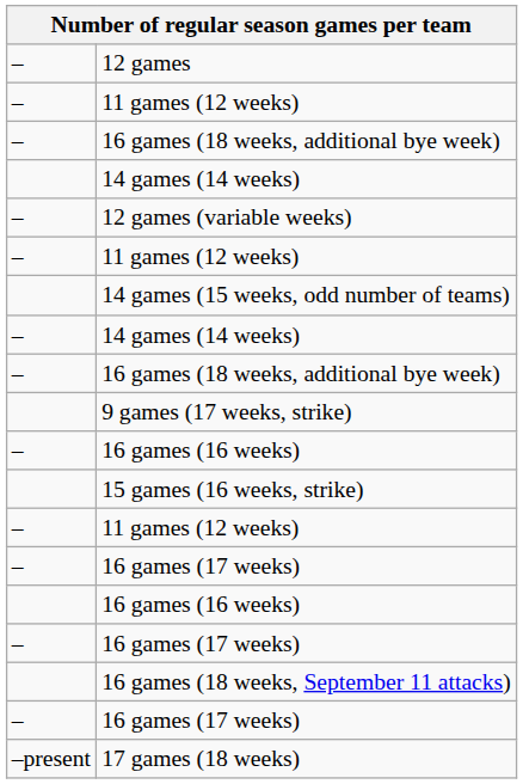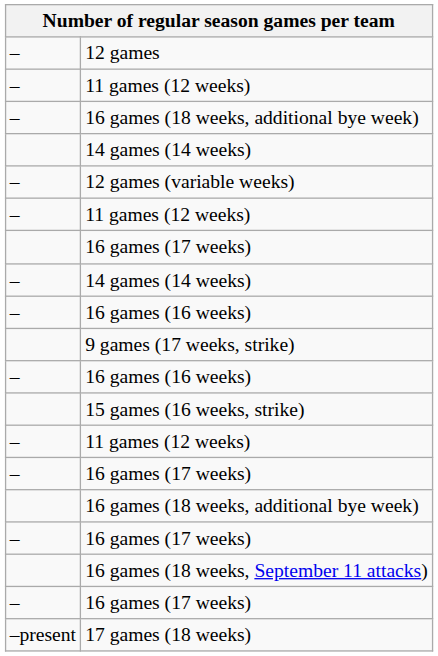 <table align="right" class="wikitable" style="margin: 0 1em 1em 1em; font-size: 95%;">
 <tr>
 <th colspan="2">Number of regular season games per team</th>
 </tr>
 <tr>
 <td>–</td>
 <td>12 games</td>
 </tr>
 <tr>
 <td>–</td>
 <td>11 games (12 weeks)</td>
 </tr>
 <tr>
 <td>–</td>
 <td>16 games (18 weeks, additional bye week)</td>
 </tr>
 <tr>
 <td></td>
 <td>14 games (14 weeks)</td>
 </tr>
 <tr>
 <td>–</td>
 <td>12 games (variable weeks)</td>
 </tr>
 <tr>
 <td>–</td>
 <td>11 games (12 weeks)</td>
 </tr>
 <tr>
 <td></td>
-<td>14 games (15 weeks, odd number of teams)</td>
+<td>16 games (17 weeks)</td>
 </tr>
 <tr>
 <td>–</td>
 <td>14 games (14 weeks)</td>
 </tr>
 <tr>
 <td>–</td>
-<td>16 games (18 weeks, additional bye week)</td>
+<td>16 games (16 weeks)</td>
 </tr>
 <tr>
 <td></td>
 <td>9 games (17 weeks, strike)</td>
 </tr>
 <tr>
 <td>–</td>
 <td>16 games (16 weeks)</td>
 </tr>
 <tr>
 <td></td>
 <td>15 games (16 weeks, strike)</td>
 </tr>
 <tr>
 <td>–</td>
 <td>11 games (12 weeks)</td>
 </tr>
 <tr>
 <td>–</td>
 <td>16 games (17 weeks)</td>
 </tr>
 <tr>
 <td></td>
-<td>16 games (16 weeks)</td>
+<td>16 games (18 weeks, additional bye week)</td>
 </tr>
 <tr>
 <td>–</td>
 <td>16 games (17 weeks)</td>
 </tr>
 <tr>
 <td></td>
 <td>16 games (18 weeks, <a href='#'>September 11 attacks</a>)</td>
 </tr>
 <tr>
 <td>–</td>
 <td>16 games (17 weeks)</td>
 </tr>
 <tr>
 <td>–present</td>
 <td>17 games (18 weeks)</td>
 </tr>
 </table>
